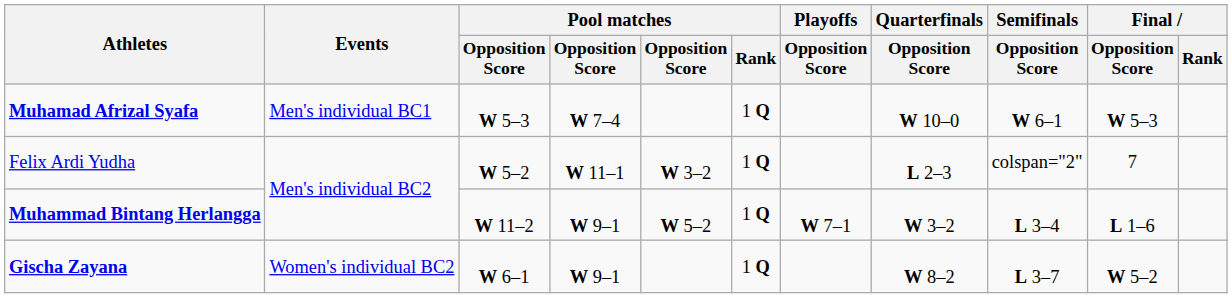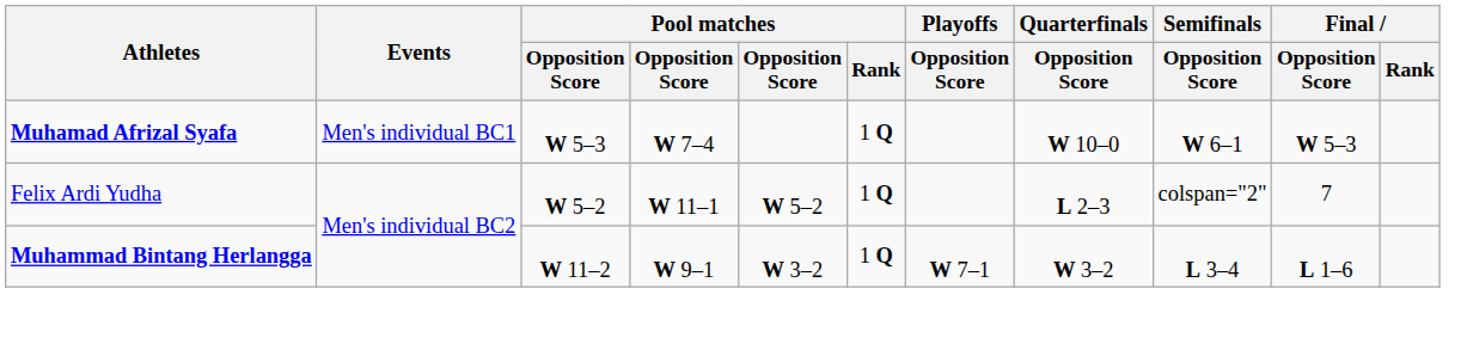 <table class=wikitable style="font-size:90%">
 <tr>
 <th rowspan="2">Athletes</th>
 <th rowspan="2">Events</th>
 <th colspan="4">Pool matches</th>
 <th>Playoffs</th>
 <th>Quarterfinals</th>
 <th>Semifinals</th>
 <th colspan=2>Final / </th>
 </tr>
 <tr style="font-size:95%">
 <th>Opposition<br>Score</th>
 <th>Opposition<br>Score</th>
 <th>Opposition<br>Score</th>
 <th>Rank</th>
 <th>Opposition<br>Score</th>
 <th>Opposition<br>Score</th>
 <th>Opposition<br>Score</th>
 <th>Opposition<br>Score</th>
 <th>Rank</th>
 </tr>
 <tr align="center">
 <td align="left"><strong><a href='#'>Muhamad Afrizal Syafa</a></strong></td>
 <td align="left"><a href='#'>Men's individual BC1</a></td>
 <td><br><strong>W</strong> 5–3</td>
 <td><br><strong>W</strong> 7–4</td>
 <td></td>
 <td>1 <strong>Q</strong></td>
 <td></td>
 <td><br><strong>W</strong> 10–0</td>
 <td><br><strong>W</strong> 6–1</td>
 <td><br><strong>W</strong> 5–3</td>
 <td></td>
 </tr>
 <tr align=center>
 <td align=left><a href='#'>Felix Ardi Yudha</a></td>
 <td align=left rowspan="2"><a href='#'>Men's individual BC2</a></td>
 <td><br><strong>W</strong> 5–2</td>
 <td><br><strong>W</strong> 11–1</td>
-<td><br><strong>W</strong> 3–2</td>
+<td><br><strong>W</strong> 5–2</td>
 <td>1 <strong>Q</strong></td>
 <td></td>
 <td><br><strong>L</strong> 2–3</td>
 <td>colspan="2" </td>
 <td>7</td>
 </tr>
 <tr align=center>
 <td align=left><strong><a href='#'>Muhammad Bintang Herlangga</a></strong></td>
 <td><br><strong>W</strong> 11–2</td>
 <td><br><strong>W</strong> 9–1</td>
-<td><br><strong>W</strong> 5–2</td>
+<td><br><strong>W</strong> 3–2</td>
 <td>1 <strong>Q</strong></td>
 <td><br><strong>W</strong> 7–1</td>
 <td><br><strong>W</strong> 3–2</td>
 <td><br><strong>L</strong> 3–4</td>
 <td><br><strong>L</strong> 1–6</td>
 <td></td>
 </tr>
-<tr align="center">
-<td align="left"><strong><a href='#'>Gischa Zayana</a></strong></td>
-<td align="left"><a href='#'>Women's individual BC2</a></td>
-<td><br><strong>W</strong> 6–1</td>
-<td><br><strong>W</strong> 9–1</td>
-<td></td>
-<td>1 <strong>Q</strong></td>
-<td></td>
-<td><br><strong>W</strong> 8–2</td>
-<td><br><strong>L</strong> 3–7</td>
-<td><br><strong>W</strong> 5–2</td>
-<td></td>
-</tr>
 </table>
